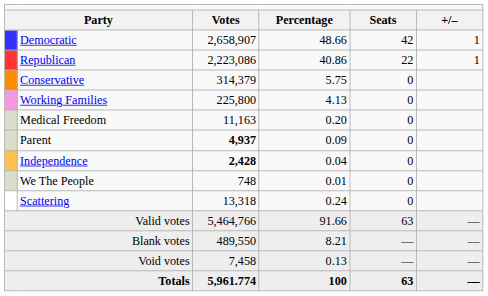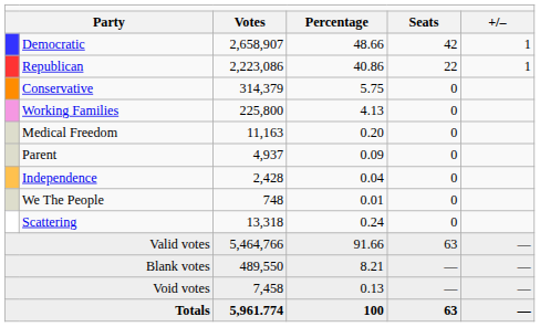 <table class="wikitable" style="font-size: 95%;">
 <tr>
 <td colspan=10 align=center></td>
 </tr>
 <tr>
 <th colspan=2 style="width: 15em">Party</th>
 <th style="width: 5em">Votes</th>
 <th style="width: 7em">Percentage</th>
 <th style="width: 5em">Seats</th>
 <th style="width: 5em">+/–</th>
 </tr>
 <tr>
 <th style="background-color:#33F; width: 3px"></th>
 <td style="width: 130px"><a href='#'>Democratic</a></td>
 <td align="right">2,658,907</td>
 <td align="right">48.66</td>
 <td align="right">42</td>
 <td align="right"> 1</td>
 </tr>
 <tr>
 <th style="background-color:#F33; width: 3px"></th>
 <td style="width: 130px"><a href='#'>Republican</a></td>
 <td align="right">2,223,086</td>
 <td align="right">40.86</td>
 <td align="right">22</td>
 <td align="right"> 1</td>
 </tr>
 <tr>
 <th style="background-color:#ff8c00; width: 3px"></th>
 <td style="width: 130px"><a href='#'>Conservative</a></td>
 <td align="right">314,379</td>
 <td align="right">5.75</td>
 <td align="right">0</td>
 <td align="right"></td>
 </tr>
 <tr>
 <th style="background-color:#f598e2; width: 3px"></th>
 <td style="width: 130px"><a href='#'>Working Families</a></td>
 <td align="right">225,800</td>
 <td align="right">4.13</td>
 <td align="right">0</td>
 <td align="right"></td>
 </tr>
 <tr>
 <th style="background-color:#DDDDCC; width: 3px"></th>
 <td style="width: 130px">Medical Freedom</td>
 <td align="right">11,163</td>
 <td align="right">0.20</td>
 <td align="right">0</td>
 <td align="right"></td>
 </tr>
 <tr>
 <th style="background-color:#DDDDCC; width: 3px"></th>
 <td style="width: 130px">Parent</td>
-<td align="right"><strong>4,937</strong></td>
+<td align="right">4,937</td>
 <td align="right">0.09</td>
 <td align="right">0</td>
 <td align="right"></td>
 </tr>
 <tr>
 <th style="background-color:#ffc14e; width: 3px"></th>
 <td style="width: 130px"><a href='#'>Independence</a></td>
-<td align="right"><strong>2,428</strong></td>
+<td align="right">2,428</td>
 <td align="right">0.04</td>
 <td align="right">0</td>
 <td align="right"></td>
 </tr>
 <tr>
 <th style="background-color:#DDDDCC; width: 3px"></th>
 <td style="width: 130px">We The People</td>
 <td align="right">748</td>
 <td align="right">0.01</td>
 <td align="right">0</td>
 <td align="right"></td>
 </tr>
 <tr>
 <th style="background-color:#ffffff; width: 3px"></th>
 <td style="width: 130px"><a href='#'>Scattering</a></td>
 <td align="right">13,318</td>
 <td align="right">0.24</td>
 <td align="right">0</td>
 <td align="right"></td>
 </tr>
 <tr bgcolor="#EEEEEE">
 <td colspan="2" align="right">Valid votes</td>
 <td align="right">5,464,766</td>
 <td align="right">91.66</td>
 <td align="right">63</td>
 <td align="right">—</td>
 </tr>
 <tr bgcolor="#EEEEEE">
 <td colspan="2" align="right">Blank votes</td>
 <td align="right">489,550</td>
 <td align="right">8.21</td>
 <td align="right">—</td>
 <td align="right">—</td>
 </tr>
 <tr bgcolor="#EEEEEE">
 <td colspan="2" align="right">Void votes</td>
 <td align="right">7,458</td>
 <td align="right">0.13</td>
 <td align="right">—</td>
 <td align="right">—</td>
 </tr>
 <tr bgcolor="#EEEEEE">
 <td colspan="2" align="right"><strong>Totals</strong></td>
 <td align="right"><strong>5,961.774</strong></td>
 <td align="right"><strong>100</strong></td>
 <td align="right"><strong>63</strong></td>
 <td align="right"><strong>—</strong></td>
 </tr>
 </table>
